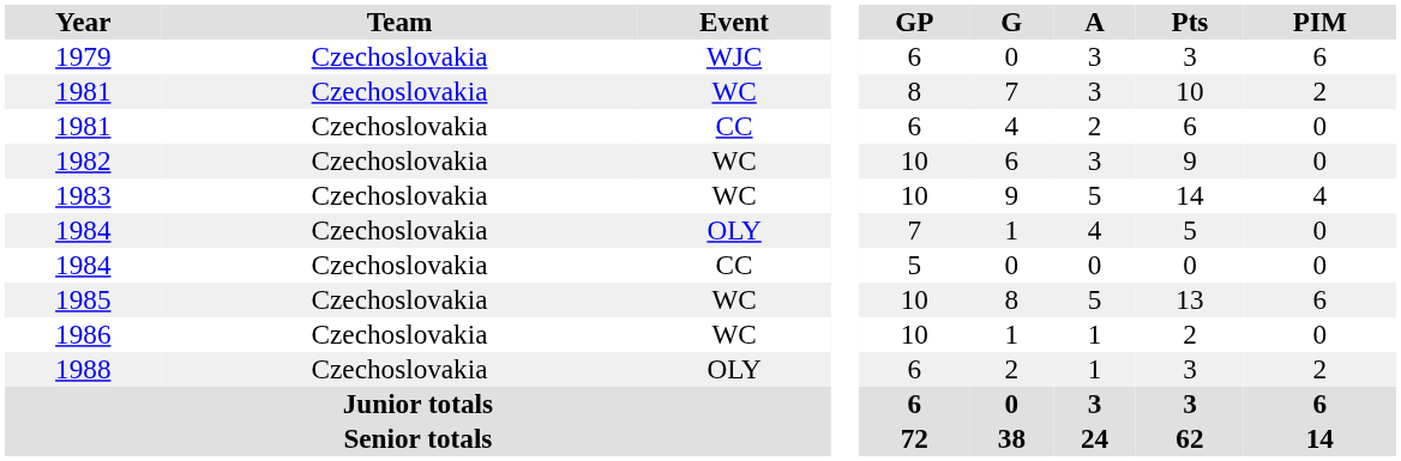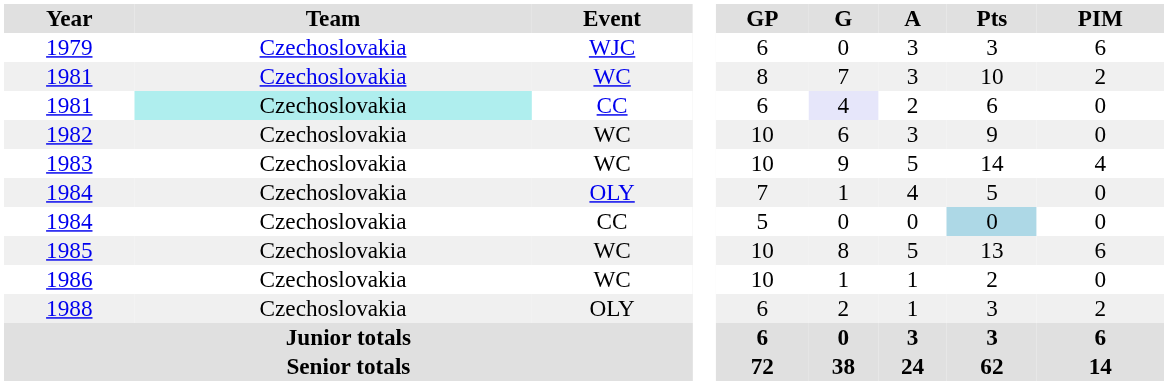 <table border="0" cellpadding="1" cellspacing="0" style="text-align:center; width:50em">
 <tr ALIGN="center" bgcolor="#e0e0e0">
 <th>Year</th>
 <th>Team</th>
 <th>Event</th>
 <th rowspan="99" bgcolor="#ffffff"> </th>
 <th>GP</th>
 <th>G</th>
 <th>A</th>
 <th>Pts</th>
 <th>PIM</th>
 </tr>
 <tr>
 <td><a href='#'>1979</a></td>
 <td><a href='#'>Czechoslovakia</a></td>
 <td><a href='#'>WJC</a></td>
 <td>6</td>
 <td>0</td>
 <td>3</td>
 <td>3</td>
 <td>6</td>
 </tr>
 <tr bgcolor="#f0f0f0">
 <td><a href='#'>1981</a></td>
 <td><a href='#'>Czechoslovakia</a></td>
 <td><a href='#'>WC</a></td>
 <td>8</td>
 <td>7</td>
 <td>3</td>
 <td>10</td>
 <td>2</td>
 </tr>
 <tr>
 <td><a href='#'>1981</a></td>
-<td>Czechoslovakia</td>
+<td style="background: paleturquoise;">Czechoslovakia</td>
 <td><a href='#'>CC</a></td>
 <td>6</td>
-<td>4</td>
+<td style="background: lavender;">4</td>
 <td>2</td>
 <td>6</td>
 <td>0</td>
 </tr>
 <tr bgcolor="#f0f0f0">
 <td><a href='#'>1982</a></td>
 <td>Czechoslovakia</td>
 <td>WC</td>
 <td>10</td>
 <td>6</td>
 <td>3</td>
 <td>9</td>
 <td>0</td>
 </tr>
 <tr>
 <td><a href='#'>1983</a></td>
 <td>Czechoslovakia</td>
 <td>WC</td>
 <td>10</td>
 <td>9</td>
 <td>5</td>
 <td>14</td>
 <td>4</td>
 </tr>
 <tr bgcolor="#f0f0f0">
 <td><a href='#'>1984</a></td>
 <td>Czechoslovakia</td>
 <td><a href='#'>OLY</a></td>
 <td>7</td>
 <td>1</td>
 <td>4</td>
 <td>5</td>
 <td>0</td>
 </tr>
 <tr>
 <td><a href='#'>1984</a></td>
 <td>Czechoslovakia</td>
 <td>CC</td>
 <td>5</td>
 <td>0</td>
 <td>0</td>
-<td>0</td>
+<td style="background: lightblue;">0</td>
 <td>0</td>
 </tr>
 <tr bgcolor="#f0f0f0">
 <td><a href='#'>1985</a></td>
 <td>Czechoslovakia</td>
 <td>WC</td>
 <td>10</td>
 <td>8</td>
 <td>5</td>
 <td>13</td>
 <td>6</td>
 </tr>
 <tr>
 <td><a href='#'>1986</a></td>
 <td>Czechoslovakia</td>
 <td>WC</td>
 <td>10</td>
 <td>1</td>
 <td>1</td>
 <td>2</td>
 <td>0</td>
 </tr>
 <tr bgcolor="#f0f0f0">
 <td><a href='#'>1988</a></td>
 <td>Czechoslovakia</td>
 <td>OLY</td>
 <td>6</td>
 <td>2</td>
 <td>1</td>
 <td>3</td>
 <td>2</td>
 </tr>
 <tr bgcolor="#e0e0e0">
 <th colspan=3>Junior totals</th>
 <th>6</th>
 <th>0</th>
 <th>3</th>
 <th>3</th>
 <th>6</th>
 </tr>
 <tr bgcolor="#e0e0e0">
 <th colspan=3>Senior totals</th>
 <th>72</th>
 <th>38</th>
 <th>24</th>
 <th>62</th>
 <th>14</th>
 </tr>
 </table>
